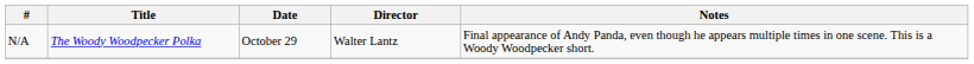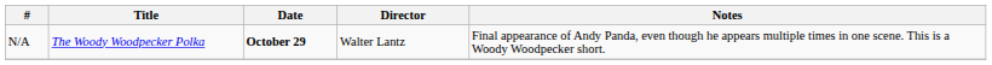 <table class="wikitable">
 <tr>
 <th style="width:3em">#</th>
 <th style="width:15em">Title</th>
 <th style="width:7em">Date</th>
 <th style="width:10em">Director</th>
 <th>Notes</th>
 </tr>
 <tr>
 <td>N/A</td>
 <td><em><a href='#'>The Woody Woodpecker Polka</a></em></td>
-<td>October 29</td>
+<td><strong>October 29</strong></td>
 <td>Walter Lantz</td>
 <td>Final appearance of Andy Panda, even though he appears multiple times in one scene. This is a Woody Woodpecker short.</td>
 </tr>
 <tr>
 </tr>
 </table>
